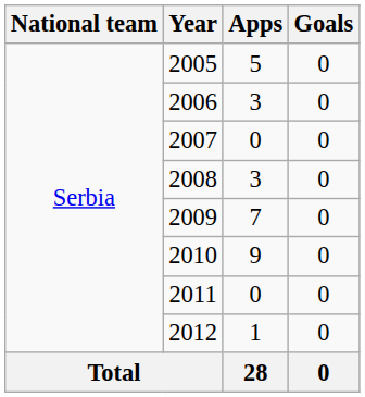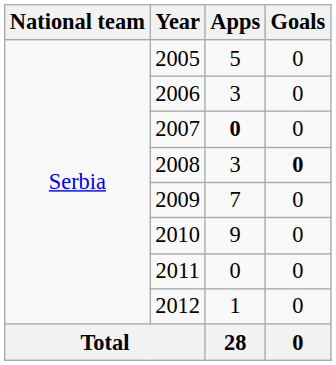 <table class="wikitable" style="text-align:center">
 <tr>
 <th>National team</th>
 <th>Year</th>
 <th>Apps</th>
 <th>Goals</th>
 </tr>
 <tr>
 <td rowspan="8"><a href='#'>Serbia</a></td>
 <td>2005</td>
 <td>5</td>
 <td>0</td>
 </tr>
 <tr>
 <td>2006</td>
 <td>3</td>
 <td>0</td>
 </tr>
 <tr>
 <td>2007</td>
-<td>0</td>
+<td><strong>0</strong></td>
 <td>0</td>
 </tr>
 <tr>
 <td>2008</td>
 <td>3</td>
-<td>0</td>
+<td><strong>0</strong></td>
 </tr>
 <tr>
 <td>2009</td>
 <td>7</td>
 <td>0</td>
 </tr>
 <tr>
 <td>2010</td>
 <td>9</td>
 <td>0</td>
 </tr>
 <tr>
 <td>2011</td>
 <td>0</td>
 <td>0</td>
 </tr>
 <tr>
 <td>2012</td>
 <td>1</td>
 <td>0</td>
 </tr>
 <tr>
 <th colspan="2">Total</th>
 <th>28</th>
 <th>0</th>
 </tr>
 </table>
